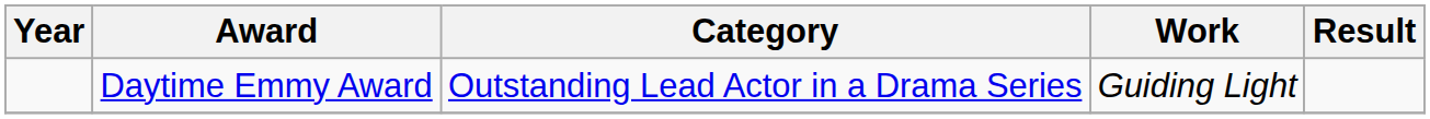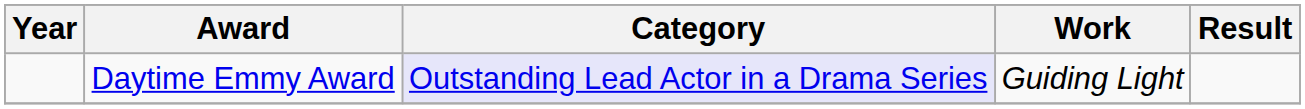 <table class="wikitable sortable plainrowheaders">
 <tr>
 <th scope="col">Year</th>
 <th scope="col">Award</th>
 <th scope="col">Category</th>
 <th scope="col">Work</th>
 <th scope="col">Result</th>
 </tr>
 <tr>
 <td></td>
 <td><a href='#'>Daytime Emmy Award</a></td>
-<td><a href='#'>Outstanding Lead Actor in a Drama Series</a></td>
+<td style="background: lavender;"><a href='#'>Outstanding Lead Actor in a Drama Series</a></td>
 <td><em>Guiding Light</em></td>
 <td></td>
 </tr>
 <tr>
 </tr>
 </table>
